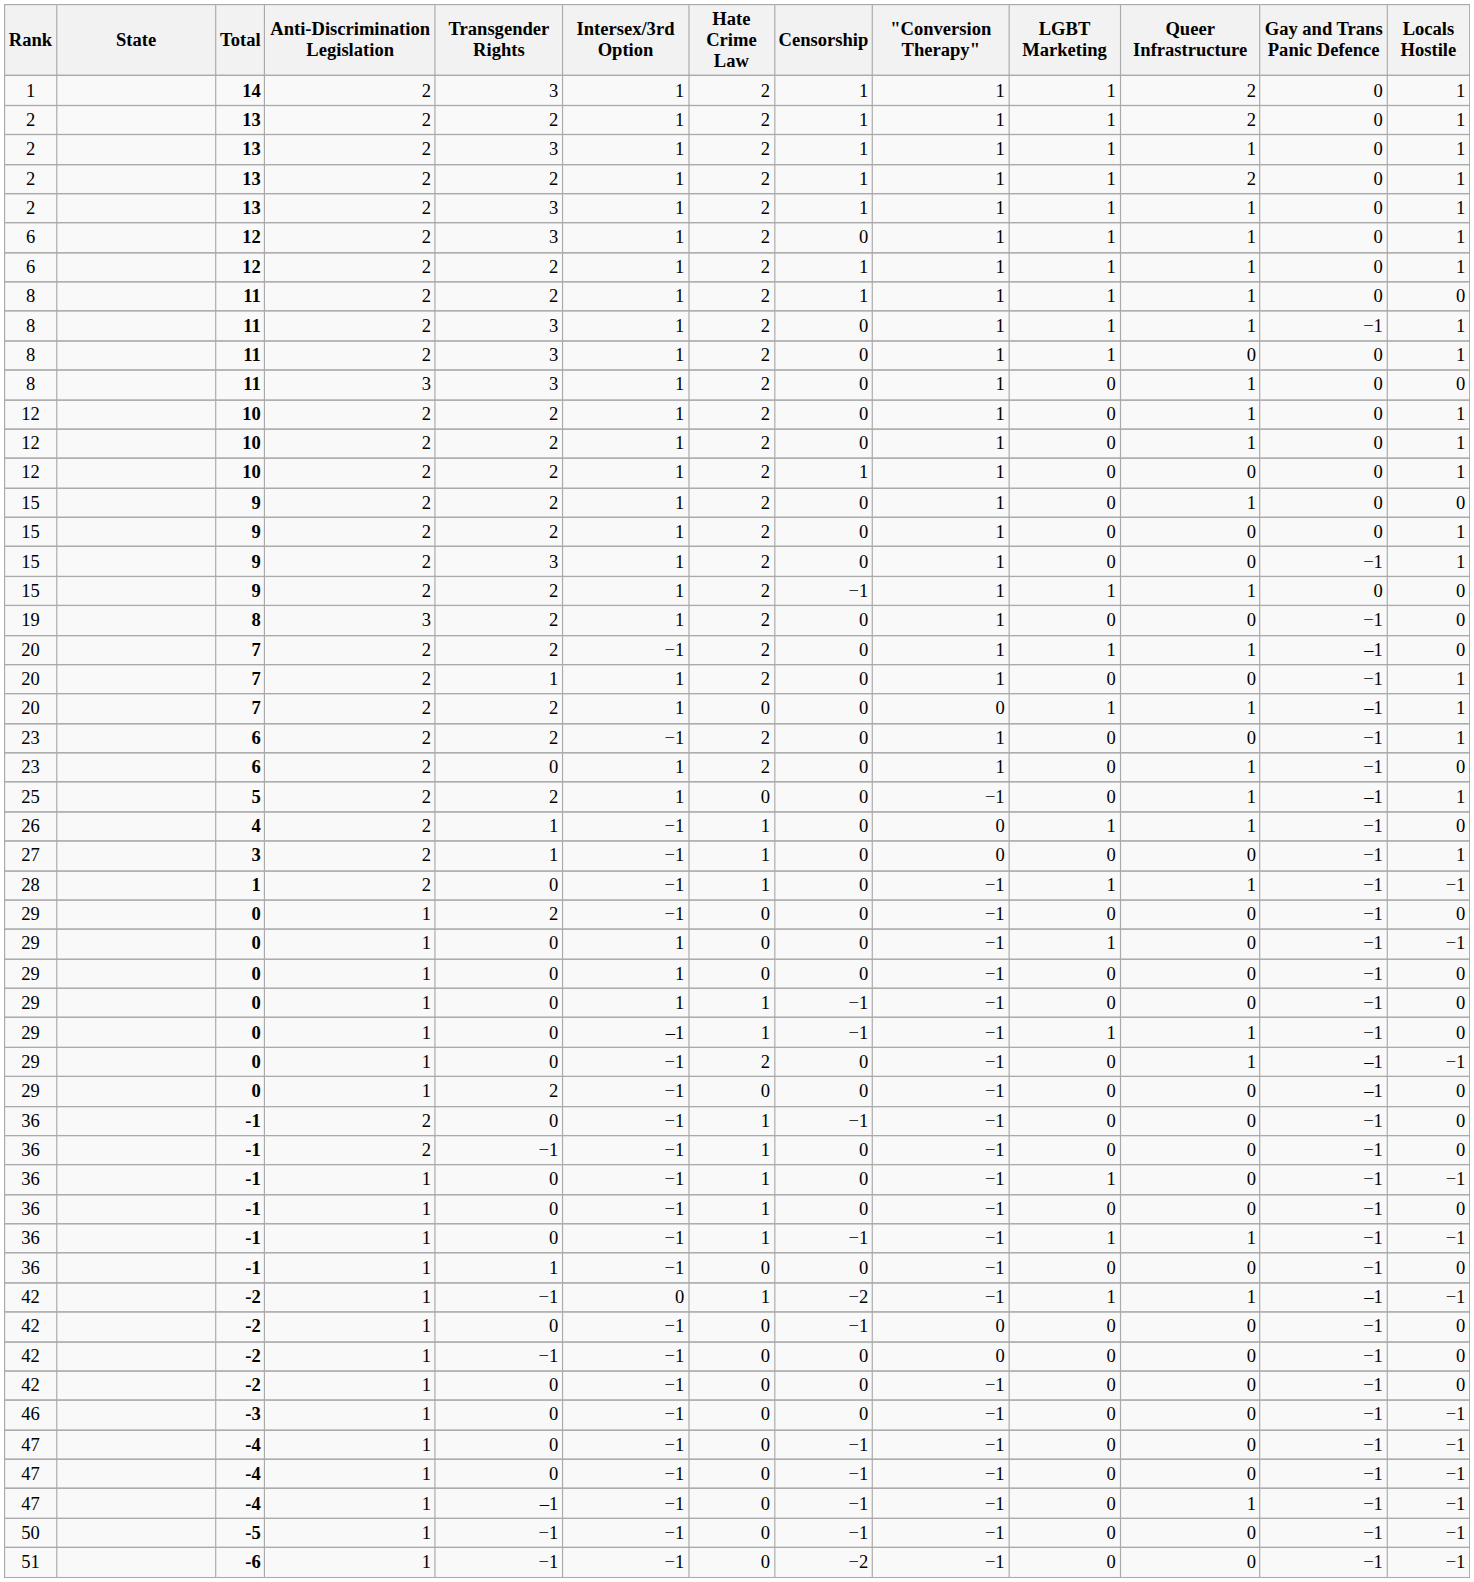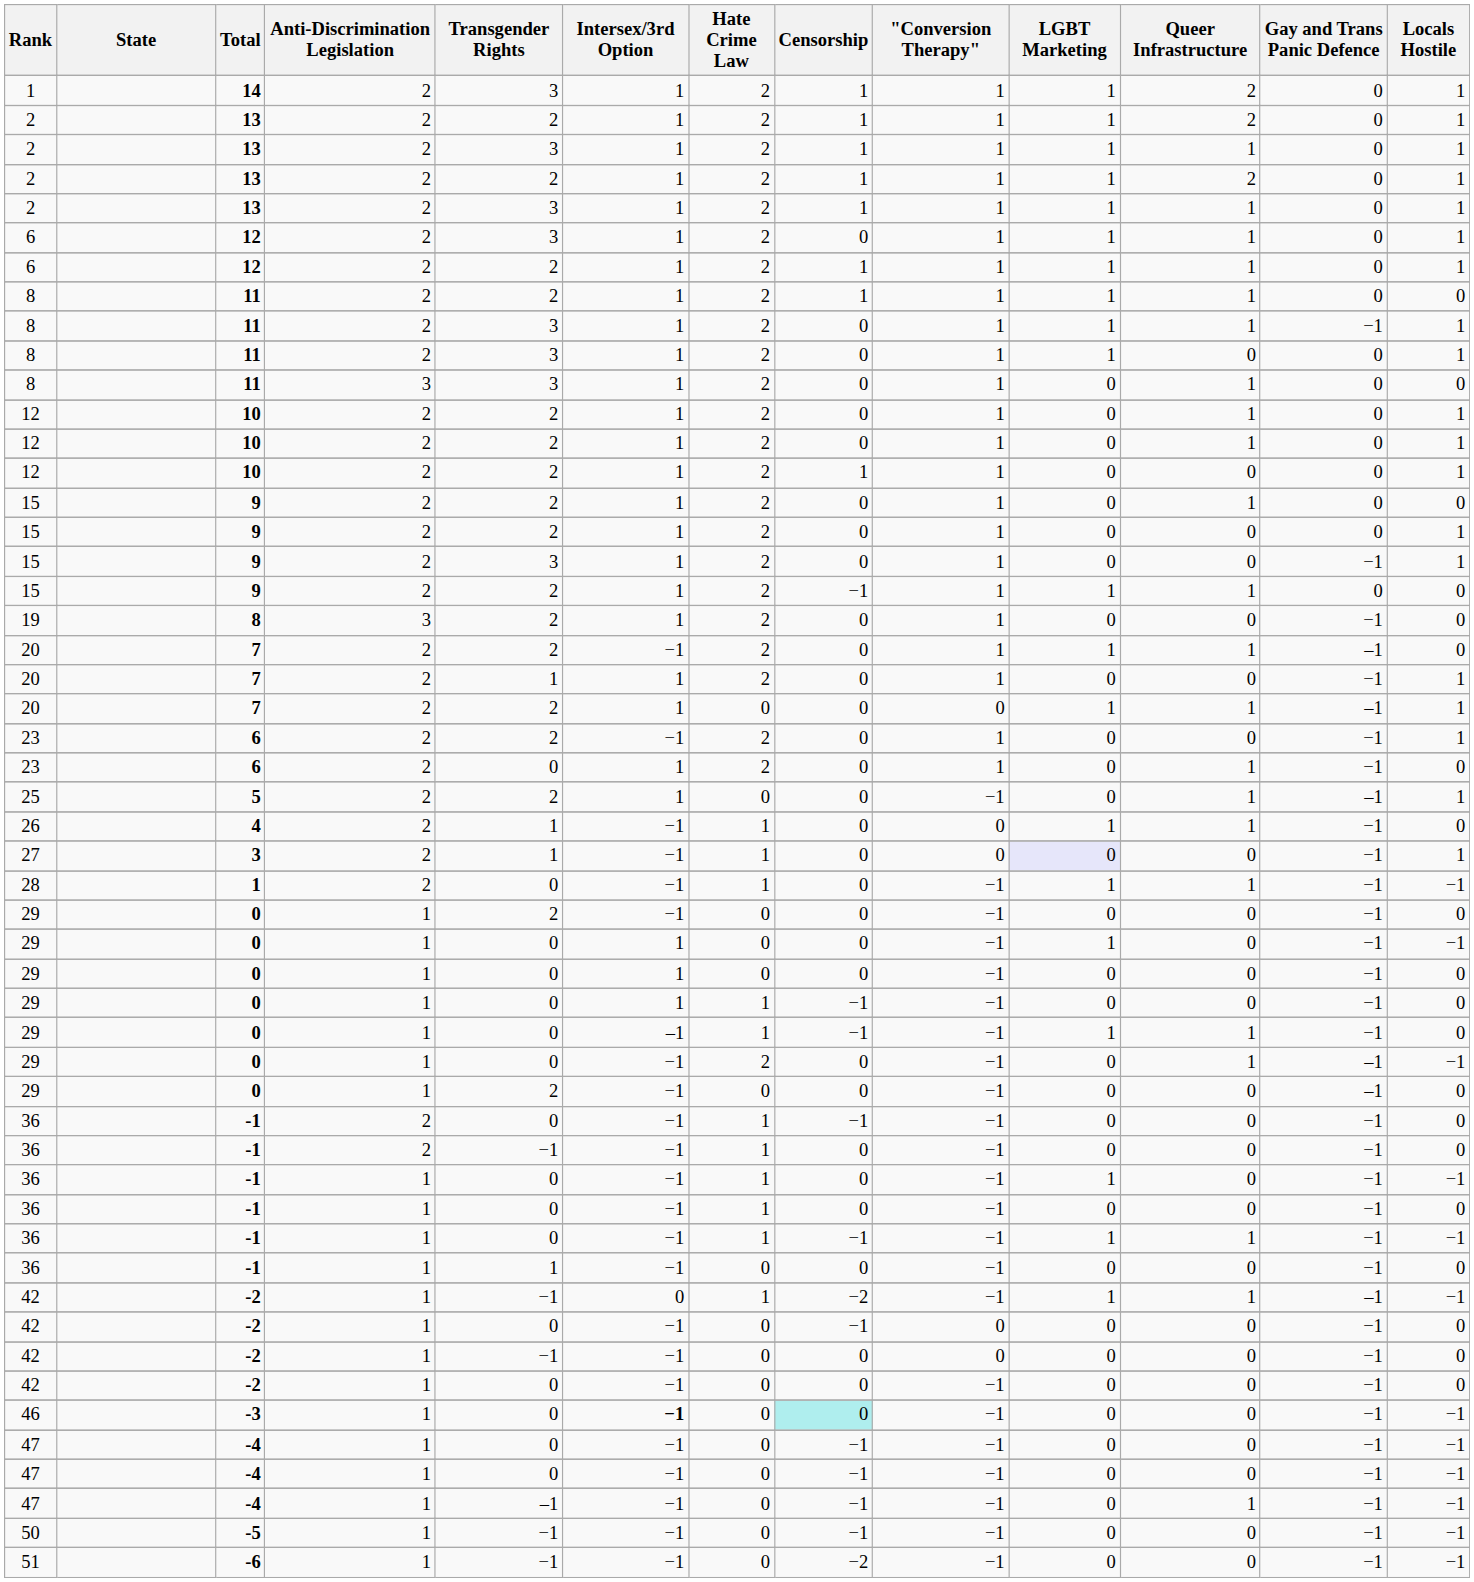 <table class="wikitable sortable" style="margin-left: auto; margin-right: auto; border: none;">
 <tr>
 <th scope="col" data-sort-type="number">Rank</th>
 <th scope="col" style="width:130px;">State</th>
 <th scope=9g8h8[9h[hi["col">Total</th>
 <th scope=9g8h8[9h[hi["col">Anti-Discrimination Legislation</th>
 <th scope=9g8h8[9h[hi["col">Transgender Rights</th>
 <th scope=9g8h8[9h[hi["col">Intersex/3rd Option</th>
 <th scope=9g8h8[9h[hi["col">Hate Crime Law</th>
 <th scope=9g8h8[9h[hi["col">Censorship</th>
 <th scope=9g8h8[9h[hi["col">"Conversion Therapy"</th>
 <th scope=9g8h8[9h[hi["col">LGBT Marketing</th>
 <th scope=9g8h8[9h[hi["col">Queer Infrastructure</th>
 <th scope=9g8h8[9h[hi["col">Gay and Trans Panic Defence</th>
 <th scope=9g8h8[9h[hi["col">Locals Hostile</th>
 </tr>
 <tr>
 </tr>
 <tr align="right">
 <td align="center">1</td>
 <td align="left"></td>
 <td><strong>14</strong></td>
 <td>2</td>
 <td>3</td>
 <td>1</td>
 <td>2</td>
 <td>1</td>
 <td>1</td>
 <td>1</td>
 <td>2</td>
 <td>0</td>
 <td>1</td>
 </tr>
 <tr>
 </tr>
 <tr align="right">
 <td align="center">2</td>
 <td align="left"></td>
 <td><strong>13</strong></td>
 <td>2</td>
 <td>2</td>
 <td>1</td>
 <td>2</td>
 <td>1</td>
 <td>1</td>
 <td>1</td>
 <td>2</td>
 <td>0</td>
 <td>1</td>
 </tr>
 <tr>
 </tr>
 <tr align="right">
 <td align="center">2</td>
 <td align="left"></td>
 <td><strong>13</strong></td>
 <td>2</td>
 <td>3</td>
 <td>1</td>
 <td>2</td>
 <td>1</td>
 <td>1</td>
 <td>1</td>
 <td>1</td>
 <td>0</td>
 <td>1</td>
 </tr>
 <tr>
 </tr>
 <tr align="right">
 <td align="center">2</td>
 <td align="left"></td>
 <td><strong>13</strong></td>
 <td>2</td>
 <td>2</td>
 <td>1</td>
 <td>2</td>
 <td>1</td>
 <td>1</td>
 <td>1</td>
 <td>2</td>
 <td>0</td>
 <td>1</td>
 </tr>
 <tr>
 </tr>
 <tr align="right">
 <td align="center">2</td>
 <td align="left"></td>
 <td><strong>13</strong></td>
 <td>2</td>
 <td>3</td>
 <td>1</td>
 <td>2</td>
 <td>1</td>
 <td>1</td>
 <td>1</td>
 <td>1</td>
 <td>0</td>
 <td>1</td>
 </tr>
 <tr>
 </tr>
 <tr align="right">
 <td align="center">6</td>
 <td align="left"></td>
 <td><strong>12</strong></td>
 <td>2</td>
 <td>3</td>
 <td>1</td>
 <td>2</td>
 <td>0</td>
 <td>1</td>
 <td>1</td>
 <td>1</td>
 <td>0</td>
 <td>1</td>
 </tr>
 <tr>
 </tr>
 <tr align="right">
 <td align="center">6</td>
 <td align="left"></td>
 <td><strong>12</strong></td>
 <td>2</td>
 <td>2</td>
 <td>1</td>
 <td>2</td>
 <td>1</td>
 <td>1</td>
 <td>1</td>
 <td>1</td>
 <td>0</td>
 <td>1</td>
 </tr>
 <tr>
 </tr>
 <tr align="right">
 <td align="center">8</td>
 <td align="left"></td>
 <td><strong>11</strong></td>
 <td>2</td>
 <td>2</td>
 <td>1</td>
 <td>2</td>
 <td>1</td>
 <td>1</td>
 <td>1</td>
 <td>1</td>
 <td>0</td>
 <td>0</td>
 </tr>
 <tr>
 </tr>
 <tr align="right">
 <td align="center">8</td>
 <td align="left"></td>
 <td><strong>11</strong></td>
 <td>2</td>
 <td>3</td>
 <td>1</td>
 <td>2</td>
 <td>0</td>
 <td>1</td>
 <td>1</td>
 <td>1</td>
 <td>−1</td>
 <td>1</td>
 </tr>
 <tr>
 </tr>
 <tr align="right">
 <td align="center">8</td>
 <td align="left"></td>
 <td><strong>11</strong></td>
 <td>2</td>
 <td>3</td>
 <td>1</td>
 <td>2</td>
 <td>0</td>
 <td>1</td>
 <td>1</td>
 <td>0</td>
 <td>0</td>
 <td>1</td>
 </tr>
 <tr>
 </tr>
 <tr align="right">
 <td align="center">8</td>
 <td align="left"></td>
 <td><strong>11</strong></td>
 <td>3</td>
 <td>3</td>
 <td>1</td>
 <td>2</td>
 <td>0</td>
 <td>1</td>
 <td>0</td>
 <td>1</td>
 <td>0</td>
 <td>0</td>
 </tr>
 <tr>
 </tr>
 <tr align="right">
 <td align="center">12</td>
 <td align="left"></td>
 <td><strong>10</strong></td>
 <td>2</td>
 <td>2</td>
 <td>1</td>
 <td>2</td>
 <td>0</td>
 <td>1</td>
 <td>0</td>
 <td>1</td>
 <td>0</td>
 <td>1</td>
 </tr>
 <tr>
 </tr>
 <tr align="right">
 <td align="center">12</td>
 <td align="left"></td>
 <td><strong>10</strong></td>
 <td>2</td>
 <td>2</td>
 <td>1</td>
 <td>2</td>
 <td>0</td>
 <td>1</td>
 <td>0</td>
 <td>1</td>
 <td>0</td>
 <td>1</td>
 </tr>
 <tr>
 </tr>
 <tr align="right">
 <td align="center">12</td>
 <td align="left"></td>
 <td><strong>10</strong></td>
 <td>2</td>
 <td>2</td>
 <td>1</td>
 <td>2</td>
 <td>1</td>
 <td>1</td>
 <td>0</td>
 <td>0</td>
 <td>0</td>
 <td>1</td>
 </tr>
 <tr>
 </tr>
 <tr align="right">
 <td align="center">15</td>
 <td align="left"></td>
 <td><strong>9</strong></td>
 <td>2</td>
 <td>2</td>
 <td>1</td>
 <td>2</td>
 <td>0</td>
 <td>1</td>
 <td>0</td>
 <td>1</td>
 <td>0</td>
 <td>0</td>
 </tr>
 <tr>
 </tr>
 <tr align="right">
 <td align="center">15</td>
 <td align="left"></td>
 <td><strong>9</strong></td>
 <td>2</td>
 <td>2</td>
 <td>1</td>
 <td>2</td>
 <td>0</td>
 <td>1</td>
 <td>0</td>
 <td>0</td>
 <td>0</td>
 <td>1</td>
 </tr>
 <tr>
 </tr>
 <tr align="right">
 <td align="center">15</td>
 <td align="left"></td>
 <td><strong>9</strong></td>
 <td>2</td>
 <td>3</td>
 <td>1</td>
 <td>2</td>
 <td>0</td>
 <td>1</td>
 <td>0</td>
 <td>0</td>
 <td>−1</td>
 <td>1</td>
 </tr>
 <tr>
 </tr>
 <tr align="right">
 <td align="center">15</td>
 <td align="left"></td>
 <td><strong>9</strong></td>
 <td>2</td>
 <td>2</td>
 <td>1</td>
 <td>2</td>
 <td>−1</td>
 <td>1</td>
 <td>1</td>
 <td>1</td>
 <td>0</td>
 <td>0</td>
 </tr>
 <tr>
 </tr>
 <tr align="right">
 <td align="center">19</td>
 <td align="left"></td>
 <td><strong>8</strong></td>
 <td>3</td>
 <td>2</td>
 <td>1</td>
 <td>2</td>
 <td>0</td>
 <td>1</td>
 <td>0</td>
 <td>0</td>
 <td>−1</td>
 <td>0</td>
 </tr>
 <tr>
 </tr>
 <tr align="right">
 <td align="center">20</td>
 <td align="left"></td>
 <td><strong>7</strong></td>
 <td>2</td>
 <td>2</td>
 <td>−1</td>
 <td>2</td>
 <td>0</td>
 <td>1</td>
 <td>1</td>
 <td>1</td>
 <td>–1</td>
 <td>0</td>
 </tr>
 <tr>
 </tr>
 <tr align="right">
 <td align="center">20</td>
 <td align="left"></td>
 <td><strong>7</strong></td>
 <td>2</td>
 <td>1</td>
 <td>1</td>
 <td>2</td>
 <td>0</td>
 <td>1</td>
 <td>0</td>
 <td>0</td>
 <td>−1</td>
 <td>1</td>
 </tr>
 <tr>
 </tr>
 <tr align="right">
 <td align="center">20</td>
 <td align="left"></td>
 <td><strong>7</strong></td>
 <td>2</td>
 <td>2</td>
 <td>1</td>
 <td>0</td>
 <td>0</td>
 <td>0</td>
 <td>1</td>
 <td>1</td>
 <td>–1</td>
 <td>1</td>
 </tr>
 <tr>
 </tr>
 <tr align="right">
 <td align="center">23</td>
 <td align="left"></td>
 <td><strong>6</strong></td>
 <td>2</td>
 <td>2</td>
 <td>−1</td>
 <td>2</td>
 <td>0</td>
 <td>1</td>
 <td>0</td>
 <td>0</td>
 <td>−1</td>
 <td>1</td>
 </tr>
 <tr>
 </tr>
 <tr align="right">
 <td align="center">23</td>
 <td align="left"></td>
 <td><strong>6</strong></td>
 <td>2</td>
 <td>0</td>
 <td>1</td>
 <td>2</td>
 <td>0</td>
 <td>1</td>
 <td>0</td>
 <td>1</td>
 <td>−1</td>
 <td>0</td>
 </tr>
 <tr>
 </tr>
 <tr align="right">
 <td align="center">25</td>
 <td align="left"></td>
 <td><strong>5</strong></td>
 <td>2</td>
 <td>2</td>
 <td>1</td>
 <td>0</td>
 <td>0</td>
 <td>−1</td>
 <td>0</td>
 <td>1</td>
 <td>–1</td>
 <td>1</td>
 </tr>
 <tr>
 </tr>
 <tr align="right">
 <td align="center">26</td>
 <td align="left"></td>
 <td><strong>4</strong></td>
 <td>2</td>
 <td>1</td>
 <td>−1</td>
 <td>1</td>
 <td>0</td>
 <td>0</td>
 <td>1</td>
 <td>1</td>
 <td>−1</td>
 <td>0</td>
 </tr>
 <tr>
 </tr>
 <tr align="right">
 <td align="center">27</td>
 <td align="left"></td>
 <td><strong>3</strong></td>
 <td>2</td>
 <td>1</td>
 <td>−1</td>
 <td>1</td>
 <td>0</td>
 <td>0</td>
-<td>0</td>
+<td style="background: lavender;">0</td>
 <td>0</td>
 <td>−1</td>
 <td>1</td>
 </tr>
 <tr>
 </tr>
 <tr align="right">
 <td align="center">28</td>
 <td align="left"></td>
 <td><strong>1</strong></td>
 <td>2</td>
 <td>0</td>
 <td>−1</td>
 <td>1</td>
 <td>0</td>
 <td>−1</td>
 <td>1</td>
 <td>1</td>
 <td>−1</td>
 <td>−1</td>
 </tr>
 <tr>
 </tr>
 <tr align="right">
 <td align="center">29</td>
 <td align="left"></td>
 <td><strong>0</strong></td>
 <td>1</td>
 <td>2</td>
 <td>−1</td>
 <td>0</td>
 <td>0</td>
 <td>−1</td>
 <td>0</td>
 <td>0</td>
 <td>−1</td>
 <td>0</td>
 </tr>
 <tr>
 </tr>
 <tr align="right">
 <td align="center">29</td>
 <td align="left"></td>
 <td><strong>0</strong></td>
 <td>1</td>
 <td>0</td>
 <td>1</td>
 <td>0</td>
 <td>0</td>
 <td>−1</td>
 <td>1</td>
 <td>0</td>
 <td>−1</td>
 <td>−1</td>
 </tr>
 <tr>
 </tr>
 <tr align="right">
 <td align="center">29</td>
 <td align="left"></td>
 <td><strong>0</strong></td>
 <td>1</td>
 <td>0</td>
 <td>1</td>
 <td>0</td>
 <td>0</td>
 <td>−1</td>
 <td>0</td>
 <td>0</td>
 <td>−1</td>
 <td>0</td>
 </tr>
 <tr>
 </tr>
 <tr align="right">
 <td align="center">29</td>
 <td align="left"></td>
 <td><strong>0</strong></td>
 <td>1</td>
 <td>0</td>
 <td>1</td>
 <td>1</td>
 <td>−1</td>
 <td>−1</td>
 <td>0</td>
 <td>0</td>
 <td>−1</td>
 <td>0</td>
 </tr>
 <tr>
 </tr>
 <tr align="right">
 <td align="center">29</td>
 <td align="left"></td>
 <td><strong>0</strong></td>
 <td>1</td>
 <td>0</td>
 <td>–1</td>
 <td>1</td>
 <td>−1</td>
 <td>−1</td>
 <td>1</td>
 <td>1</td>
 <td>−1</td>
 <td>0</td>
 </tr>
 <tr>
 </tr>
 <tr align="right">
 <td align="center">29</td>
 <td align="left"></td>
 <td><strong>0</strong></td>
 <td>1</td>
 <td>0</td>
 <td>−1</td>
 <td>2</td>
 <td>0</td>
 <td>−1</td>
 <td>0</td>
 <td>1</td>
 <td>–1</td>
 <td>−1</td>
 </tr>
 <tr>
 </tr>
 <tr align="right">
 <td align="center">29</td>
 <td align="left"></td>
 <td><strong>0</strong></td>
 <td>1</td>
 <td>2</td>
 <td>−1</td>
 <td>0</td>
 <td>0</td>
 <td>−1</td>
 <td>0</td>
 <td>0</td>
 <td>–1</td>
 <td>0</td>
 </tr>
 <tr>
 </tr>
 <tr align="right">
 <td align="center">36</td>
 <td align="left"></td>
 <td><strong>-1</strong></td>
 <td>2</td>
 <td>0</td>
 <td>−1</td>
 <td>1</td>
 <td>−1</td>
 <td>−1</td>
 <td>0</td>
 <td>0</td>
 <td>−1</td>
 <td>0</td>
 </tr>
 <tr>
 </tr>
 <tr align="right">
 <td align="center">36</td>
 <td align="left"></td>
 <td><strong>-1</strong></td>
 <td>2</td>
 <td>−1</td>
 <td>−1</td>
 <td>1</td>
 <td>0</td>
 <td>−1</td>
 <td>0</td>
 <td>0</td>
 <td>−1</td>
 <td>0</td>
 </tr>
 <tr>
 </tr>
 <tr align="right">
 <td align="center">36</td>
 <td align="left"></td>
 <td><strong>-1</strong></td>
 <td>1</td>
 <td>0</td>
 <td>−1</td>
 <td>1</td>
 <td>0</td>
 <td>−1</td>
 <td>1</td>
 <td>0</td>
 <td>−1</td>
 <td>−1</td>
 </tr>
 <tr>
 </tr>
 <tr align="right">
 <td align="center">36</td>
 <td align="left"></td>
 <td><strong>-1</strong></td>
 <td>1</td>
 <td>0</td>
 <td>−1</td>
 <td>1</td>
 <td>0</td>
 <td>−1</td>
 <td>0</td>
 <td>0</td>
 <td>−1</td>
 <td>0</td>
 </tr>
 <tr>
 </tr>
 <tr align="right">
 <td align="center">36</td>
 <td align="left"></td>
 <td><strong>-1</strong></td>
 <td>1</td>
 <td>0</td>
 <td>−1</td>
 <td>1</td>
 <td>−1</td>
 <td>−1</td>
 <td>1</td>
 <td>1</td>
 <td>−1</td>
 <td>−1</td>
 </tr>
 <tr>
 </tr>
 <tr align="right">
 <td align="center">36</td>
 <td align="left"></td>
 <td><strong>-1</strong></td>
 <td>1</td>
 <td>1</td>
 <td>−1</td>
 <td>0</td>
 <td>0</td>
 <td>−1</td>
 <td>0</td>
 <td>0</td>
 <td>−1</td>
 <td>0</td>
 </tr>
 <tr>
 </tr>
 <tr align="right">
 <td align="center">42</td>
 <td align="left"></td>
 <td><strong>-2</strong></td>
 <td>1</td>
 <td>−1</td>
 <td>0</td>
 <td>1</td>
 <td>−2</td>
 <td>−1</td>
 <td>1</td>
 <td>1</td>
 <td>–1</td>
 <td>−1</td>
 </tr>
 <tr>
 </tr>
 <tr align="right">
 <td align="center">42</td>
 <td align="left"></td>
 <td><strong>-2</strong></td>
 <td>1</td>
 <td>0</td>
 <td>−1</td>
 <td>0</td>
 <td>−1</td>
 <td>0</td>
 <td>0</td>
 <td>0</td>
 <td>−1</td>
 <td>0</td>
 </tr>
 <tr>
 </tr>
 <tr align="right">
 <td align="center">42</td>
 <td align="left"></td>
 <td><strong>-2</strong></td>
 <td>1</td>
 <td>−1</td>
 <td>−1</td>
 <td>0</td>
 <td>0</td>
 <td>0</td>
 <td>0</td>
 <td>0</td>
 <td>−1</td>
 <td>0</td>
 </tr>
 <tr>
 </tr>
 <tr align="right">
 <td align="center">42</td>
 <td align="left"></td>
 <td><strong>-2</strong></td>
 <td>1</td>
 <td>0</td>
 <td>−1</td>
 <td>0</td>
 <td>0</td>
 <td>−1</td>
 <td>0</td>
 <td>0</td>
 <td>−1</td>
 <td>0</td>
 </tr>
 <tr>
 </tr>
 <tr align="right">
 <td align="center">46</td>
 <td align="left"></td>
 <td><strong>-3</strong></td>
 <td>1</td>
 <td>0</td>
-<td>−1</td>
+<td><strong>−1</strong></td>
 <td>0</td>
-<td>0</td>
+<td style="background: paleturquoise;">0</td>
 <td>−1</td>
 <td>0</td>
 <td>0</td>
 <td>−1</td>
 <td>−1</td>
 </tr>
 <tr>
 </tr>
 <tr align="right">
 <td align="center">47</td>
 <td align="left"></td>
 <td><strong>-4</strong></td>
 <td>1</td>
 <td>0</td>
 <td>−1</td>
 <td>0</td>
 <td>−1</td>
 <td>−1</td>
 <td>0</td>
 <td>0</td>
 <td>−1</td>
 <td>−1</td>
 </tr>
 <tr>
 </tr>
 <tr align="right">
 <td align="center">47</td>
 <td align="left"></td>
 <td><strong>-4</strong></td>
 <td>1</td>
 <td>0</td>
 <td>−1</td>
 <td>0</td>
 <td>−1</td>
 <td>−1</td>
 <td>0</td>
 <td>0</td>
 <td>−1</td>
 <td>−1</td>
 </tr>
 <tr>
 </tr>
 <tr align="right">
 <td align="center">47</td>
 <td align="left"></td>
 <td><strong>-4</strong></td>
 <td>1</td>
 <td>–1</td>
 <td>−1</td>
 <td>0</td>
 <td>−1</td>
 <td>−1</td>
 <td>0</td>
 <td>1</td>
 <td>−1</td>
 <td>−1</td>
 </tr>
 <tr>
 </tr>
 <tr align="right">
 <td align="center">50</td>
 <td align="left"></td>
 <td><strong>-5</strong></td>
 <td>1</td>
 <td>−1</td>
 <td>−1</td>
 <td>0</td>
 <td>−1</td>
 <td>−1</td>
 <td>0</td>
 <td>0</td>
 <td>−1</td>
 <td>−1</td>
 </tr>
 <tr>
 </tr>
 <tr align="right">
 <td align="center">51</td>
 <td align="left"></td>
 <td><strong>-6</strong></td>
 <td>1</td>
 <td>−1</td>
 <td>−1</td>
 <td>0</td>
 <td>−2</td>
 <td>−1</td>
 <td>0</td>
 <td>0</td>
 <td>−1</td>
 <td>−1</td>
 </tr>
 </table>
